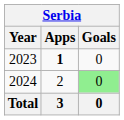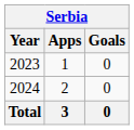 <table class="wikitable" style="text-align:center">
 <tr>
 <th colspan=4><a href='#'>Serbia</a></th>
 </tr>
 <tr>
 <th>Year</th>
 <th>Apps</th>
 <th>Goals</th>
 </tr>
 <tr>
 <td>2023</td>
-<td><strong>1</strong></td>
+<td>1</td>
 <td>0</td>
 </tr>
 <tr>
 <td>2024</td>
 <td>2</td>
-<td style="background: lightgreen;">0</td>
+<td>0</td>
 </tr>
 <tr>
 <th>Total</th>
 <th>3</th>
 <th>0</th>
 </tr>
 </table>
